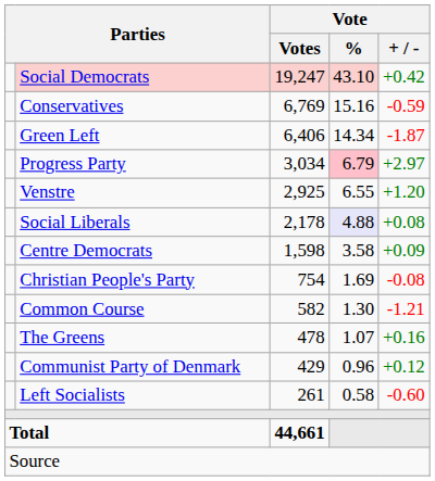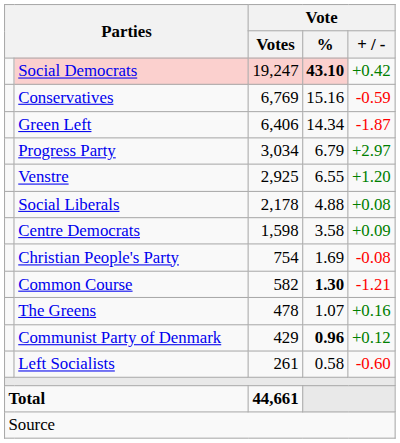 <table class="wikitable" style="text-align:right;">
 <tr>
 <th style="text-align:centre;" rowspan="2" colspan="2" width="225">Parties</th>
 <th colspan="3">Vote</th>
 </tr>
 <tr>
 <th width="15">Votes</th>
 <th width="15">%</th>
 <th width="15">+ / -</th>
 </tr>
 <tr>
 <td width="2" style="color:inherit;background:"></td>
 <td bgcolor=#fbd0ce  align="left"><a href='#'>Social Democrats</a></td>
 <td bgcolor=#fbd0ce>19,247</td>
-<td bgcolor=#fbd0ce>43.10</td>
+<td bgcolor=#fbd0ce><strong>43.10</strong></td>
 <td style=color:green;>+0.42</td>
 </tr>
 <tr>
 <td width="2" style="color:inherit;background:"></td>
 <td align="left"><a href='#'>Conservatives</a></td>
 <td>6,769</td>
 <td>15.16</td>
 <td style=color:red;>-0.59</td>
 </tr>
 <tr>
 <td width="2" style="color:inherit;background:"></td>
 <td align="left"><a href='#'>Green Left</a></td>
 <td>6,406</td>
 <td>14.34</td>
 <td style=color:red;>-1.87</td>
 </tr>
 <tr>
 <td width="2" style="color:inherit;background:"></td>
 <td align="left"><a href='#'>Progress Party</a></td>
 <td>3,034</td>
-<td style="background: pink;">6.79</td>
+<td>6.79</td>
 <td style=color:green;>+2.97</td>
 </tr>
 <tr>
 <td width="2" style="color:inherit;background:"></td>
 <td align="left"><a href='#'>Venstre</a></td>
 <td>2,925</td>
 <td>6.55</td>
 <td style=color:green;>+1.20</td>
 </tr>
 <tr>
 <td width="2" style="color:inherit;background:"></td>
 <td align="left"><a href='#'>Social Liberals</a></td>
 <td>2,178</td>
-<td style="background: lavender;">4.88</td>
+<td>4.88</td>
 <td style=color:green;>+0.08</td>
 </tr>
 <tr>
 <td width="2" style="color:inherit;background:"></td>
 <td align="left"><a href='#'>Centre Democrats</a></td>
 <td>1,598</td>
 <td>3.58</td>
 <td style=color:green;>+0.09</td>
 </tr>
 <tr>
 <td width="2" style="color:inherit;background:"></td>
 <td align="left"><a href='#'>Christian People's Party</a></td>
 <td>754</td>
 <td>1.69</td>
 <td style=color:red;>-0.08</td>
 </tr>
 <tr>
 <td width="2" style="color:inherit;background:"></td>
 <td align="left"><a href='#'>Common Course</a></td>
 <td>582</td>
-<td>1.30</td>
+<td><strong>1.30</strong></td>
 <td style=color:red;>-1.21</td>
 </tr>
 <tr>
 <td width="2" style="color:inherit;background:"></td>
 <td align="left"><a href='#'>The Greens</a></td>
 <td>478</td>
 <td>1.07</td>
 <td style=color:green;>+0.16</td>
 </tr>
 <tr>
 <td width="2" style="color:inherit;background:"></td>
 <td align="left"><a href='#'>Communist Party of Denmark</a></td>
 <td>429</td>
-<td>0.96</td>
+<td><strong>0.96</strong></td>
 <td style=color:green;>+0.12</td>
 </tr>
 <tr>
 <td width="2" style="color:inherit;background:"></td>
 <td align="left"><a href='#'>Left Socialists</a></td>
 <td>261</td>
 <td>0.58</td>
 <td style=color:red;>-0.60</td>
 </tr>
 <tr>
 <td colspan="7" bgcolor="#E9E9E9"></td>
 </tr>
 <tr>
 <td align="left" colspan="2"><strong>Total</strong></td>
 <td><strong>44,661</strong></td>
 <td bgcolor="#E9E9E9" colspan="2"></td>
 </tr>
 <tr>
 <td align="left" colspan="6">Source</td>
 </tr>
 </table>
